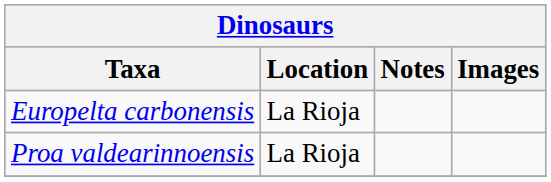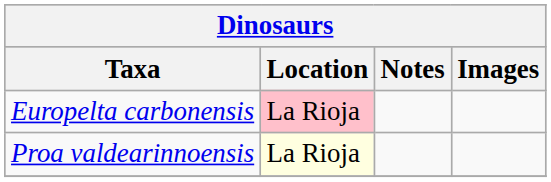 <table class="wikitable sortable" align="center">
 <tr>
 <th colspan="5" align="center"><strong><a href='#'>Dinosaurs</a></strong></th>
 </tr>
 <tr>
 <th>Taxa</th>
 <th>Location</th>
 <th>Notes</th>
 <th>Images</th>
 </tr>
 <tr>
 <td><em><a href='#'>Europelta carbonensis</a></em></td>
-<td>La Rioja</td>
+<td style="background: pink;">La Rioja</td>
 <td align=center></td>
 <td></td>
 </tr>
 <tr>
 <td><em><a href='#'>Proa valdearinnoensis</a></em></td>
-<td>La Rioja</td>
+<td style="background: lightyellow;">La Rioja</td>
 <td align=center></td>
 <td></td>
 </tr>
 <tr>
 </tr>
 </table>
